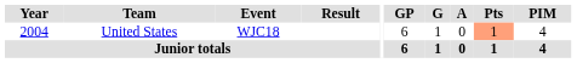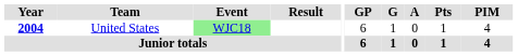 <table border="0" cellpadding="1" cellspacing="0" ID="Table3" style="text-align:center; width:40em">
 <tr ALIGN="center" bgcolor="#e0e0e0">
 <th>Year</th>
 <th>Team</th>
 <th>Event</th>
 <th>Result</th>
 <th rowspan="99" bgcolor="#ffffff"></th>
 <th>GP</th>
 <th>G</th>
 <th>A</th>
 <th>Pts</th>
 <th>PIM</th>
 </tr>
 <tr ALIGN="center">
-<td><a href='#'>2004</a></td>
+<td><strong><a href='#'>2004</a></strong></td>
 <td><a href='#'>United States</a></td>
-<td><a href='#'>WJC18</a></td>
+<td style="background: lightgreen;"><a href='#'>WJC18</a></td>
 <td></td>
 <td>6</td>
 <td>1</td>
 <td>0</td>
-<td style="background: lightsalmon;">1</td>
+<td>1</td>
 <td>4</td>
 </tr>
 <tr bgcolor="#e0e0e0">
 <th colspan="4">Junior totals</th>
 <th>6</th>
 <th>1</th>
 <th>0</th>
 <th>1</th>
 <th>4</th>
 </tr>
 </table>
